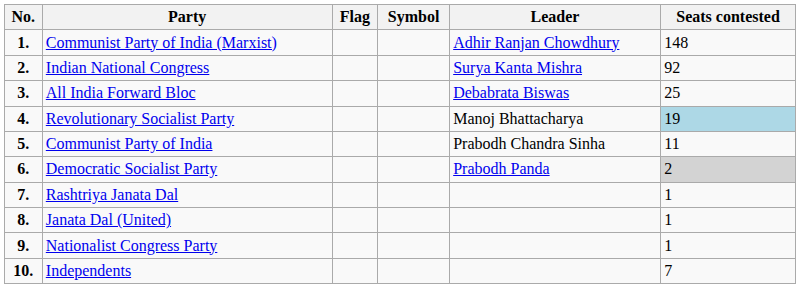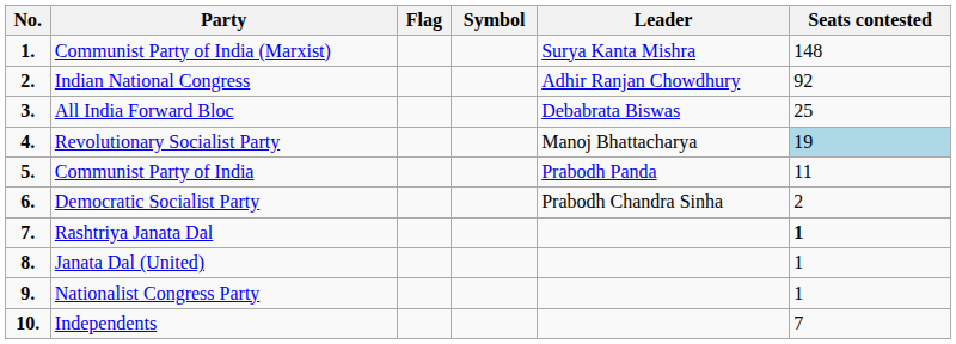 <table class="wikitable sortable" width="50%">
 <tr>
 <th>No.</th>
 <th>Party</th>
 <th>Flag</th>
 <th>Symbol</th>
 <th>Leader</th>
 <th>Seats contested</th>
 </tr>
 <tr>
 </tr>
 <tr>
 <td ! style="text-align:center; background:"><strong>1.</strong></td>
 <td><a href='#'>Communist Party of India (Marxist)</a></td>
 <td></td>
 <td></td>
-<td><a href='#'>Adhir Ranjan Chowdhury</a></td>
+<td><a href='#'>Surya Kanta Mishra</a></td>
 <td>148</td>
 </tr>
 <tr>
 <td ! style="text-align:center; background:"><strong>2.</strong></td>
 <td><a href='#'>Indian National Congress</a></td>
 <td></td>
 <td></td>
-<td><a href='#'>Surya Kanta Mishra</a></td>
+<td><a href='#'>Adhir Ranjan Chowdhury</a></td>
 <td>92</td>
 </tr>
 <tr>
 <td ! style="text-align:center; background:"><strong>3.</strong></td>
 <td><a href='#'>All India Forward Bloc</a></td>
 <td></td>
 <td></td>
 <td><a href='#'>Debabrata Biswas</a></td>
 <td>25</td>
 </tr>
 <tr>
 <td ! style="text-align:center; background:"><strong>4.</strong></td>
 <td><a href='#'>Revolutionary Socialist Party</a></td>
 <td></td>
 <td></td>
 <td>Manoj Bhattacharya</td>
 <td style="background: lightblue;">19</td>
 </tr>
 <tr>
 <td ! style="text-align:center; background:"><strong>5.</strong></td>
 <td><a href='#'>Communist Party of India</a></td>
 <td></td>
 <td></td>
-<td>Prabodh Chandra Sinha</td>
+<td><a href='#'>Prabodh Panda</a></td>
 <td>11</td>
 </tr>
 <tr>
 <td style="text-align:center; background: "><strong>6.</strong></td>
 <td><a href='#'>Democratic Socialist Party</a></td>
 <td></td>
 <td></td>
-<td><a href='#'>Prabodh Panda</a></td>
-<td style="background: lightgrey;">2</td>
+<td>Prabodh Chandra Sinha</td>
+<td>2</td>
 </tr>
 <tr>
 <td style="text-align:center; background:"><strong>7.</strong></td>
 <td><a href='#'>Rashtriya Janata Dal</a></td>
 <td></td>
 <td></td>
 <td></td>
-<td>1</td>
+<td><strong>1</strong></td>
 </tr>
 <tr>
 <td style="text-align:center; background:"><strong>8.</strong></td>
 <td><a href='#'>Janata Dal (United)</a></td>
 <td></td>
 <td></td>
 <td></td>
 <td>1</td>
 </tr>
 <tr>
 <td style="text-align:center; background: "><strong>9.</strong></td>
 <td><a href='#'>Nationalist Congress Party</a></td>
 <td></td>
 <td></td>
 <td></td>
 <td>1</td>
 </tr>
 <tr>
 <td style="text-align:center; background: "><strong>10.</strong></td>
 <td><a href='#'>Independents</a></td>
 <td></td>
 <td></td>
 <td></td>
 <td>7</td>
 </tr>
 </table>
